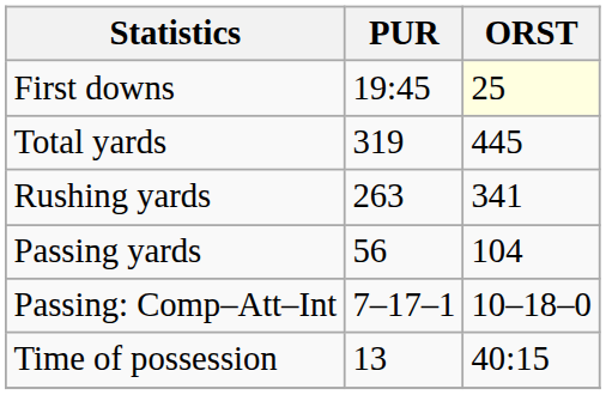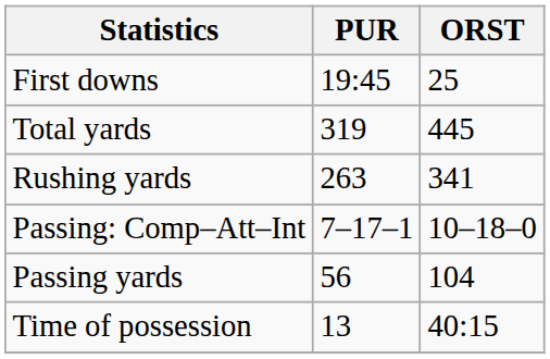 <table class="wikitable" style="float: left;">
 <tr>
 <th>Statistics</th>
 <th>PUR</th>
 <th>ORST</th>
 </tr>
 <tr>
 <td>First downs</td>
 <td>19:45</td>
-<td style="background: lightyellow;">25</td>
+<td>25</td>
 </tr>
 <tr>
 <td>Total yards</td>
 <td>319</td>
 <td>445</td>
 </tr>
 <tr>
 <td>Rushing yards</td>
 <td>263</td>
 <td>341</td>
 </tr>
 <tr>
+<td>Passing: Comp–Att–Int</td>
+<td>7–17–1</td>
+<td>10–18–0</td>
+</tr>
+<tr>
 <td>Passing yards</td>
 <td>56</td>
 <td>104</td>
-</tr>
-<tr>
-<td>Passing: Comp–Att–Int</td>
-<td>7–17–1</td>
-<td>10–18–0</td>
 </tr>
 <tr>
 <td>Time of possession</td>
 <td>13</td>
 <td>40:15</td>
 </tr>
 <tr>
 </tr>
 </table>
